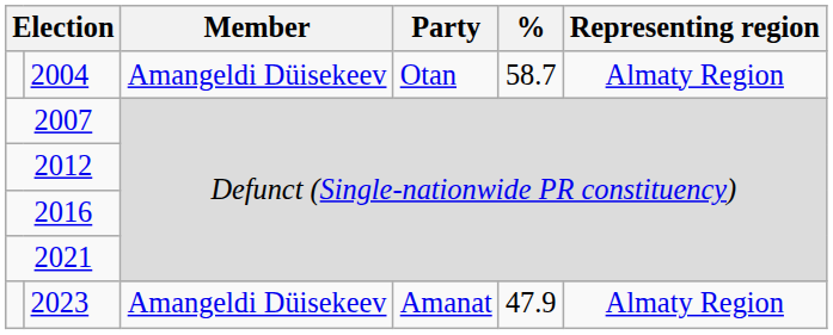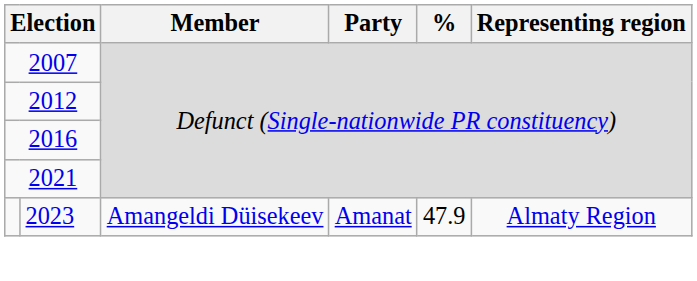 <table class="wikitable">
 <tr>
 <th colspan="2">Election</th>
 <th>Member</th>
 <th>Party</th>
 <th>%</th>
 <th>Representing region</th>
-</tr>
-<tr>
-<td style="background-color: "></td>
-<td><a href='#'>2004</a></td>
-<td><a href='#'>Amangeldi Düisekeev</a></td>
-<td><a href='#'>Otan</a></td>
-<td align="right">58.7</td>
-<td align="center"><a href='#'>Almaty Region</a></td>
 </tr>
 <tr>
 <td colspan="2" align="center"><a href='#'>2007</a></td>
 <td colspan="4" rowspan="4" align="center" style="background-color:#DCDCDC"><em>Defunct (<a href='#'>Single-nationwide PR constituency</a>)</em></td>
 </tr>
 <tr>
 <td colspan="2" align="center"><a href='#'>2012</a></td>
 </tr>
 <tr>
 <td colspan="2" align="center"><a href='#'>2016</a></td>
 </tr>
 <tr>
 <td colspan="2" align="center"><a href='#'>2021</a></td>
 </tr>
 <tr>
 <td style="background-color: "></td>
 <td><a href='#'>2023</a></td>
 <td><a href='#'>Amangeldi Düisekeev</a></td>
 <td><a href='#'>Amanat</a></td>
 <td align="right">47.9</td>
 <td align="center"><a href='#'>Almaty Region</a></td>
 </tr>
 </table>
